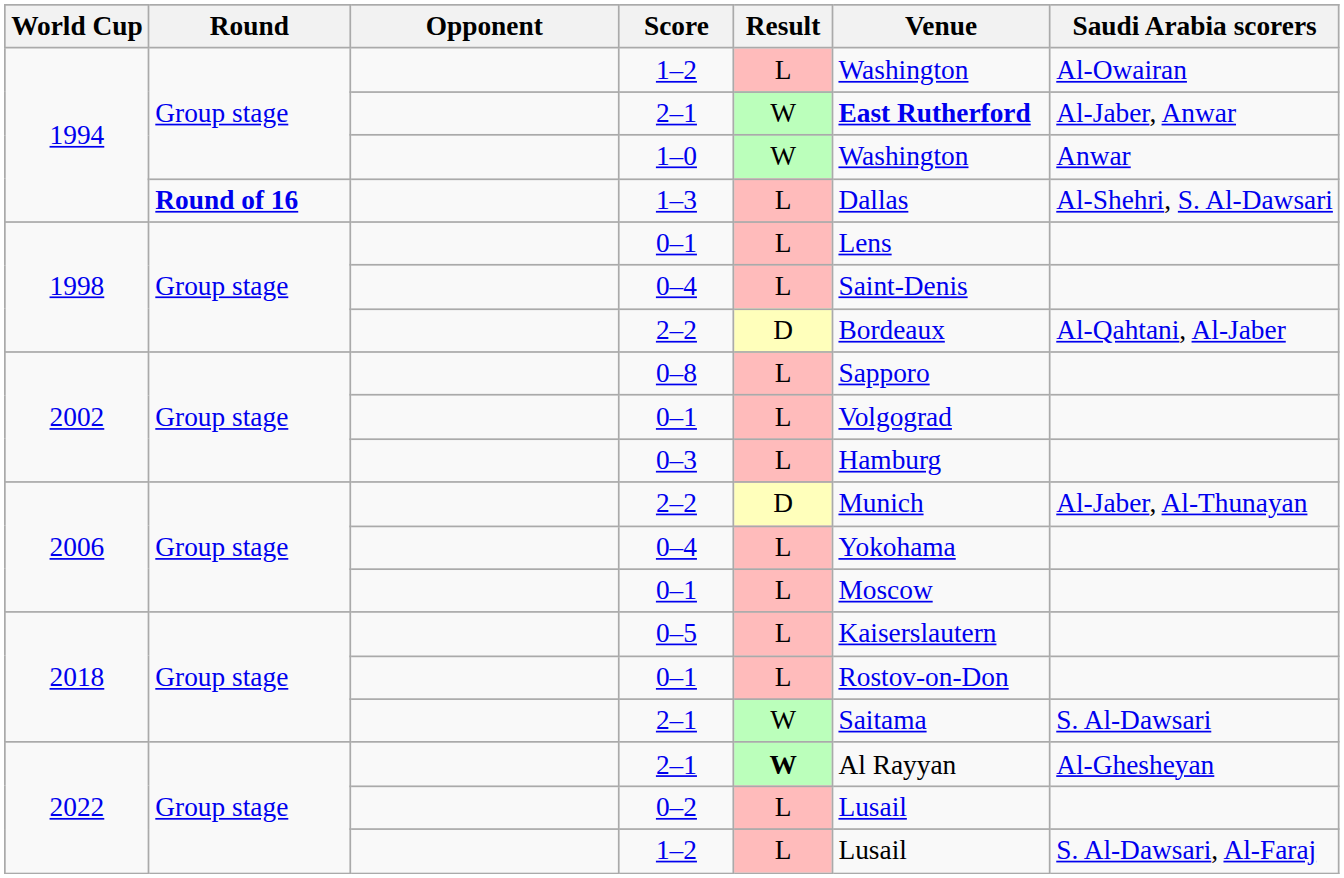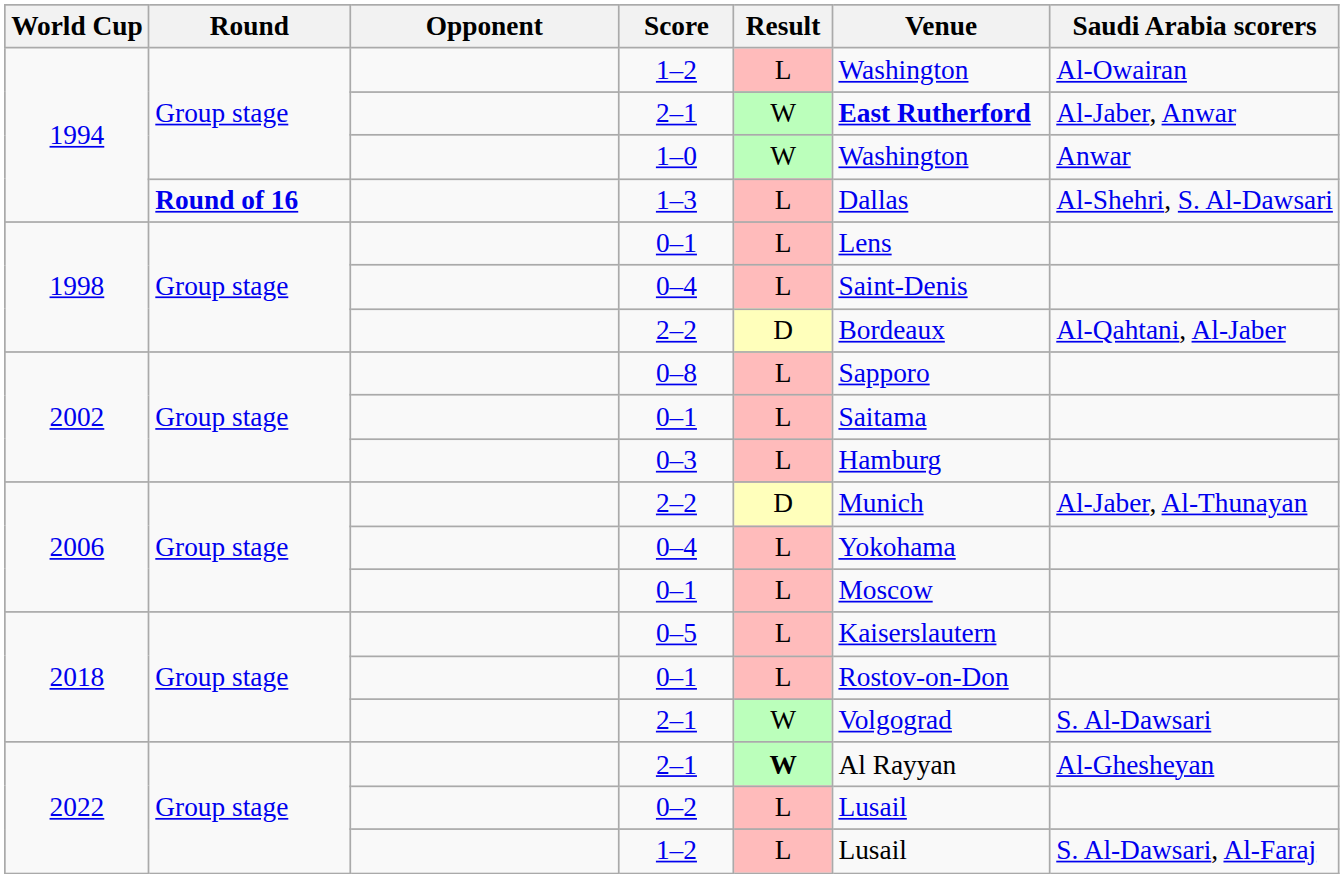 <table class="wikitable sortable" style="text-align:left;">
 <tr>
 <th>World Cup</th>
 <th width=110>Round</th>
 <th width=150>Opponent</th>
 <th width=60>Score</th>
 <th width=50>Result</th>
 <th width=120>Venue</th>
 <th>Saudi Arabia scorers</th>
 </tr>
 <tr>
 <td rowspan="4" align=center><a href='#'>1994</a></td>
 <td rowspan="3"><a href='#'>Group stage</a></td>
 <td></td>
 <td align=center><a href='#'>1–2</a></td>
 <td align=center bgcolor="#ffbbbb">L</td>
 <td><a href='#'>Washington</a></td>
 <td><a href='#'>Al-Owairan</a></td>
 </tr>
 <tr>
 <td></td>
 <td align=center><a href='#'>2–1</a></td>
 <td align=center bgcolor="#bbffbb">W</td>
 <td><strong><a href='#'>East Rutherford</a></strong></td>
 <td><a href='#'>Al-Jaber</a>, <a href='#'>Anwar</a></td>
 </tr>
 <tr>
 <td></td>
 <td align=center><a href='#'>1–0</a></td>
 <td align=center bgcolor="#bbffbb">W</td>
 <td><a href='#'>Washington</a></td>
 <td><a href='#'>Anwar</a></td>
 </tr>
 <tr>
 <td><strong><a href='#'>Round of 16</a></strong></td>
 <td></td>
 <td align=center><a href='#'>1–3</a></td>
 <td align=center bgcolor="#ffbbbb">L</td>
 <td><a href='#'>Dallas</a></td>
 <td><a href='#'>Al-Shehri</a>, <a href='#'>S. Al-Dawsari</a></td>
 </tr>
 <tr>
 <td rowspan="3" align=center><a href='#'>1998</a></td>
 <td rowspan="3"><a href='#'>Group stage</a></td>
 <td></td>
 <td align=center><a href='#'>0–1</a></td>
 <td align=center bgcolor="#ffbbbb">L</td>
 <td><a href='#'>Lens</a></td>
 <td></td>
 </tr>
 <tr>
 <td></td>
 <td align=center><a href='#'>0–4</a></td>
 <td align=center bgcolor="#ffbbbb">L</td>
 <td><a href='#'>Saint-Denis</a></td>
 <td></td>
 </tr>
 <tr>
 <td></td>
 <td align=center><a href='#'>2–2</a></td>
 <td align=center bgcolor="#ffffbb">D</td>
 <td><a href='#'>Bordeaux</a></td>
 <td><a href='#'>Al-Qahtani</a>, <a href='#'>Al-Jaber</a></td>
 </tr>
 <tr>
 <td rowspan="3" align=center><a href='#'>2002</a></td>
 <td rowspan="3"><a href='#'>Group stage</a></td>
 <td></td>
 <td align=center><a href='#'>0–8</a></td>
 <td align=center bgcolor="#ffbbbb">L</td>
 <td><a href='#'>Sapporo</a></td>
 <td></td>
 </tr>
 <tr>
 <td></td>
 <td align=center><a href='#'>0–1</a></td>
 <td align=center bgcolor="#ffbbbb">L</td>
-<td><a href='#'>Volgograd</a></td>
+<td><a href='#'>Saitama</a></td>
 <td></td>
 </tr>
 <tr>
 <td></td>
 <td align=center><a href='#'>0–3</a></td>
 <td align=center bgcolor="#ffbbbb">L</td>
 <td><a href='#'>Hamburg</a></td>
 <td></td>
 </tr>
 <tr>
 <td rowspan="3" align=center><a href='#'>2006</a></td>
 <td rowspan="3"><a href='#'>Group stage</a></td>
 <td></td>
 <td align=center><a href='#'>2–2</a></td>
 <td align=center bgcolor="#ffffbb">D</td>
 <td><a href='#'>Munich</a></td>
 <td><a href='#'>Al-Jaber</a>, <a href='#'>Al-Thunayan</a></td>
 </tr>
 <tr>
 <td></td>
 <td align=center><a href='#'>0–4</a></td>
 <td align=center bgcolor="#ffbbbb">L</td>
 <td><a href='#'>Yokohama</a></td>
 <td></td>
 </tr>
 <tr>
 <td></td>
 <td align=center><a href='#'>0–1</a></td>
 <td align=center bgcolor="#ffbbbb">L</td>
 <td><a href='#'>Moscow</a></td>
 <td></td>
 </tr>
 <tr>
 <td rowspan="3" align=center><a href='#'>2018</a></td>
 <td rowspan="3"><a href='#'>Group stage</a></td>
 <td></td>
 <td align=center><a href='#'>0–5</a></td>
 <td align=center bgcolor="#ffbbbb">L</td>
 <td><a href='#'>Kaiserslautern</a></td>
 <td></td>
 </tr>
 <tr>
 <td></td>
 <td align=center><a href='#'>0–1</a></td>
 <td align=center bgcolor="#ffbbbb">L</td>
 <td><a href='#'>Rostov-on-Don</a></td>
 <td></td>
 </tr>
 <tr>
 <td></td>
 <td align=center><a href='#'>2–1</a></td>
 <td align=center bgcolor="#bbffbb">W</td>
-<td><a href='#'>Saitama</a></td>
+<td><a href='#'>Volgograd</a></td>
 <td><a href='#'>S. Al-Dawsari</a></td>
 </tr>
 <tr>
 <td rowspan="3" align=center><a href='#'>2022</a></td>
 <td rowspan="3"><a href='#'>Group stage</a></td>
 <td></td>
 <td align=center><a href='#'>2–1</a></td>
 <td align=center bgcolor="#bbffbb"><strong>W</strong></td>
 <td>Al Rayyan</td>
 <td><a href='#'>Al-Ghesheyan</a></td>
 </tr>
 <tr>
 <td></td>
 <td align=center><a href='#'>0–2</a></td>
 <td align=center bgcolor="#ffbbbb">L</td>
 <td><a href='#'>Lusail</a></td>
 <td></td>
 </tr>
 <tr>
 <td></td>
 <td align=center><a href='#'>1–2</a></td>
 <td align=center bgcolor="#ffbbbb">L</td>
 <td>Lusail</td>
 <td><a href='#'>S. Al-Dawsari</a>, <a href='#'>Al-Faraj</a></td>
 </tr>
 </table>
